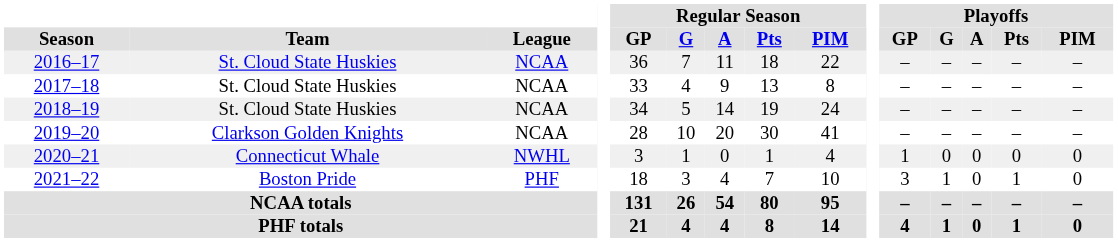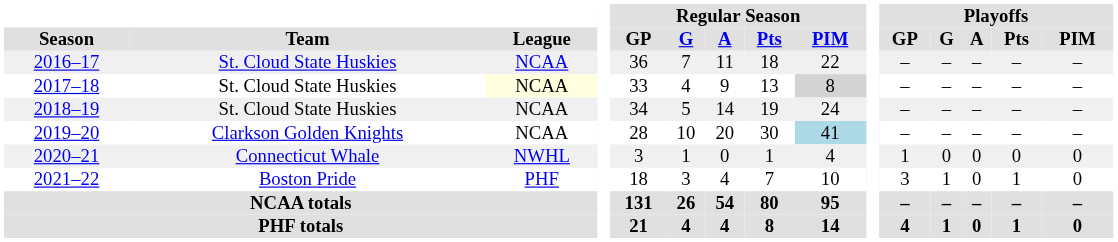 <table border="0" cellpadding="1" cellspacing="0" style="text-align:center; width:75%">
 <tr bgcolor="#e0e0e0">
 <th colspan="3"  bgcolor="#ffffff"> </th>
 <th rowspan="99" bgcolor="#ffffff"> </th>
 <th colspan="5">Regular Season</th>
 <th rowspan="99" bgcolor="#ffffff"> </th>
 <th colspan="5">Playoffs</th>
 </tr>
 <tr bgcolor="#e0e0e0">
 <th>Season</th>
 <th>Team</th>
 <th>League</th>
 <th>GP</th>
 <th><a href='#'>G</a></th>
 <th><a href='#'>A</a></th>
 <th><a href='#'>Pts</a></th>
 <th><a href='#'>PIM</a></th>
 <th>GP</th>
 <th>G</th>
 <th>A</th>
 <th>Pts</th>
 <th>PIM</th>
 </tr>
 <tr bgcolor="#f0f0f0">
 <td><a href='#'>2016–17</a></td>
 <td><a href='#'>St. Cloud State Huskies</a></td>
 <td><a href='#'>NCAA</a></td>
 <td>36</td>
 <td>7</td>
 <td>11</td>
 <td>18</td>
 <td>22</td>
 <td>–</td>
 <td>–</td>
 <td>–</td>
 <td>–</td>
 <td>–</td>
 </tr>
 <tr>
 <td><a href='#'>2017–18</a></td>
 <td>St. Cloud State Huskies</td>
-<td>NCAA</td>
+<td style="background: lightyellow;">NCAA</td>
 <td>33</td>
 <td>4</td>
 <td>9</td>
 <td>13</td>
-<td>8</td>
+<td style="background: lightgrey;">8</td>
 <td>–</td>
 <td>–</td>
 <td>–</td>
 <td>–</td>
 <td>–</td>
 </tr>
 <tr bgcolor="#f0f0f0">
 <td><a href='#'>2018–19</a></td>
 <td>St. Cloud State Huskies</td>
 <td>NCAA</td>
 <td>34</td>
 <td>5</td>
 <td>14</td>
 <td>19</td>
 <td>24</td>
 <td>–</td>
 <td>–</td>
 <td>–</td>
 <td>–</td>
 <td>–</td>
 </tr>
 <tr>
 <td><a href='#'>2019–20</a></td>
 <td><a href='#'>Clarkson Golden Knights</a></td>
 <td>NCAA</td>
 <td>28</td>
 <td>10</td>
 <td>20</td>
 <td>30</td>
-<td>41</td>
+<td style="background: lightblue;">41</td>
 <td>–</td>
 <td>–</td>
 <td>–</td>
 <td>–</td>
 <td>–</td>
 </tr>
 <tr bgcolor="#f0f0f0">
 <td><a href='#'>2020–21</a></td>
 <td><a href='#'>Connecticut Whale</a></td>
 <td><a href='#'>NWHL</a></td>
 <td>3</td>
 <td>1</td>
 <td>0</td>
 <td>1</td>
 <td>4</td>
 <td>1</td>
 <td>0</td>
 <td>0</td>
 <td>0</td>
 <td>0</td>
 </tr>
 <tr>
 <td><a href='#'>2021–22</a></td>
 <td><a href='#'>Boston Pride</a></td>
 <td><a href='#'>PHF</a></td>
 <td>18</td>
 <td>3</td>
 <td>4</td>
 <td>7</td>
 <td>10</td>
 <td>3</td>
 <td>1</td>
 <td>0</td>
 <td>1</td>
 <td>0</td>
 </tr>
 <tr bgcolor="#e0e0e0">
 <th colspan="3">NCAA totals</th>
 <th>131</th>
 <th>26</th>
 <th>54</th>
 <th>80</th>
 <th>95</th>
 <th>–</th>
 <th>–</th>
 <th>–</th>
 <th>–</th>
 <th>–</th>
 </tr>
 <tr bgcolor="#e0e0e0">
 <th colspan="3">PHF totals</th>
 <th>21</th>
 <th>4</th>
 <th>4</th>
 <th>8</th>
 <th>14</th>
 <th>4</th>
 <th>1</th>
 <th>0</th>
 <th>1</th>
 <th>0</th>
 </tr>
 </table>
